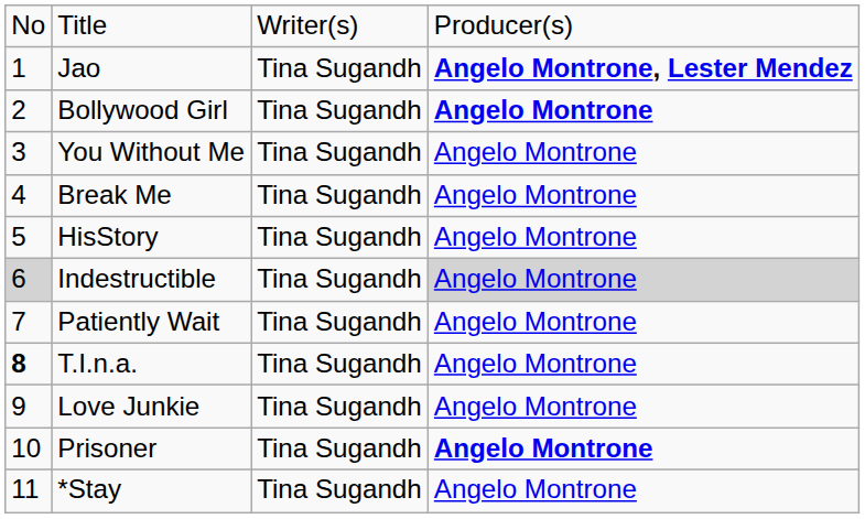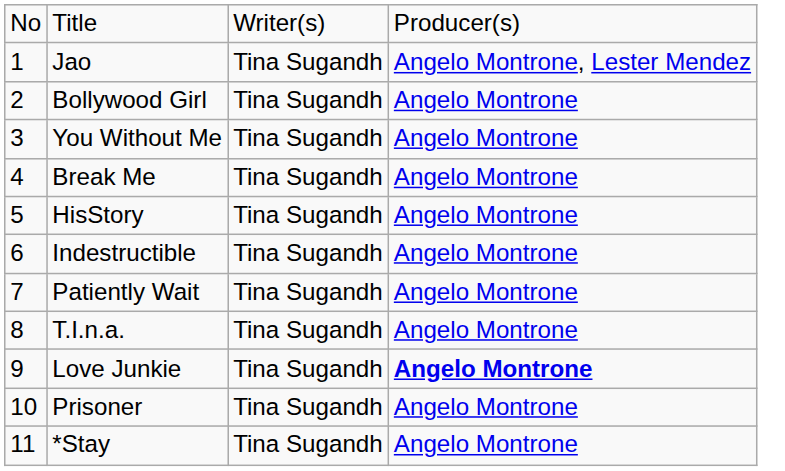 <table class="wikitable">
 <tr>
 <td>No</td>
 <td>Title</td>
 <td>Writer(s)</td>
 <td>Producer(s)</td>
 </tr>
 <tr>
 <td>1</td>
 <td>Jao</td>
 <td>Tina Sugandh</td>
-<td><strong><a href='#'>Angelo Montrone</a>, <a href='#'>Lester Mendez</a></strong></td>
+<td><a href='#'>Angelo Montrone</a>, <a href='#'>Lester Mendez</a></td>
 </tr>
 <tr>
 <td>2</td>
 <td>Bollywood Girl</td>
 <td>Tina Sugandh</td>
-<td><strong><a href='#'>Angelo Montrone</a></strong></td>
+<td><a href='#'>Angelo Montrone</a></td>
 </tr>
 <tr>
 <td>3</td>
 <td>You Without Me</td>
 <td>Tina Sugandh</td>
 <td><a href='#'>Angelo Montrone</a></td>
 </tr>
 <tr>
 <td>4</td>
 <td>Break Me</td>
 <td>Tina Sugandh</td>
 <td><a href='#'>Angelo Montrone</a></td>
 </tr>
 <tr>
 <td>5</td>
 <td>HisStory</td>
 <td>Tina Sugandh</td>
 <td><a href='#'>Angelo Montrone</a></td>
 </tr>
 <tr>
-<td style="background: lightgrey;">6</td>
+<td>6</td>
 <td>Indestructible</td>
 <td>Tina Sugandh</td>
-<td style="background: lightgrey;"><a href='#'>Angelo Montrone</a></td>
+<td><a href='#'>Angelo Montrone</a></td>
 </tr>
 <tr>
 <td>7</td>
 <td>Patiently Wait</td>
 <td>Tina Sugandh</td>
 <td><a href='#'>Angelo Montrone</a></td>
 </tr>
 <tr>
-<td><strong>8</strong></td>
+<td>8</td>
 <td>T.I.n.a.</td>
 <td>Tina Sugandh</td>
 <td><a href='#'>Angelo Montrone</a></td>
 </tr>
 <tr>
 <td>9</td>
 <td>Love Junkie</td>
 <td>Tina Sugandh</td>
-<td><a href='#'>Angelo Montrone</a></td>
+<td><strong><a href='#'>Angelo Montrone</a></strong></td>
 </tr>
 <tr>
 <td>10</td>
 <td>Prisoner</td>
 <td>Tina Sugandh</td>
-<td><strong><a href='#'>Angelo Montrone</a></strong></td>
+<td><a href='#'>Angelo Montrone</a></td>
 </tr>
 <tr>
 <td>11</td>
 <td>*Stay</td>
 <td>Tina Sugandh</td>
 <td><a href='#'>Angelo Montrone</a></td>
 </tr>
 </table>
